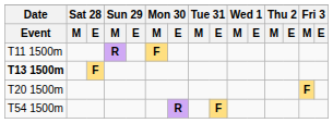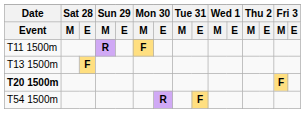 <table class="wikitable" style="margin:0.5em auto; font-size:90%; line-height:1.25em;">
 <tr align="center">
 </tr>
 <tr>
 <th>Date</th>
 <th colspan="2">Sat 28</th>
 <th colspan="2">Sun 29</th>
 <th colspan="2">Mon 30</th>
 <th colspan="2">Tue 31</th>
 <th colspan="2">Wed 1</th>
 <th colspan="2">Thu 2</th>
 <th colspan="2">Fri 3</th>
 </tr>
 <tr>
 <th>Event</th>
 <th>M</th>
 <th>E</th>
 <th>M</th>
 <th>E</th>
 <th>M</th>
 <th>E</th>
 <th>M</th>
 <th>E</th>
 <th>M</th>
 <th>E</th>
 <th>M</th>
 <th>E</th>
 <th>M</th>
 <th>E</th>
 </tr>
 <tr align="center">
 <td align="left">T11 1500m</td>
 <td colspan="2"></td>
 <td bgcolor="#D0A9F5"><strong>R</strong></td>
 <td></td>
 <td bgcolor="#FFDF80"><strong>F</strong></td>
 <td></td>
 <td colspan="2"></td>
 <td colspan="2"></td>
 <td colspan="2"></td>
 <td colspan="2"></td>
 </tr>
 <tr align="center">
-<td align="left"><strong>T13 1500m</strong></td>
+<td align="left">T13 1500m</td>
 <td></td>
 <td bgcolor="#FFDF80"><strong>F</strong></td>
 <td colspan="2"></td>
 <td colspan="2"></td>
 <td colspan="2"></td>
 <td colspan="2"></td>
 <td colspan="2"></td>
 <td colspan="2"></td>
 </tr>
 <tr align="center">
-<td align="left">T20 1500m</td>
+<td align="left"><strong>T20 1500m</strong></td>
 <td colspan="2"></td>
 <td colspan="2"></td>
 <td colspan="2"></td>
 <td colspan="2"></td>
 <td colspan="2"></td>
 <td colspan="2"></td>
 <td bgcolor="#FFDF80"><strong>F</strong></td>
 <td></td>
 </tr>
 <tr align="center">
 <td align="left">T54 1500m</td>
 <td colspan="2"></td>
 <td colspan="2"></td>
 <td></td>
 <td bgcolor="#D0A9F5"><strong>R</strong></td>
 <td></td>
 <td bgcolor="#FFDF80"><strong>F</strong></td>
 <td colspan="2"></td>
 <td colspan="2"></td>
 <td colspan="2"></td>
 </tr>
 </table>
